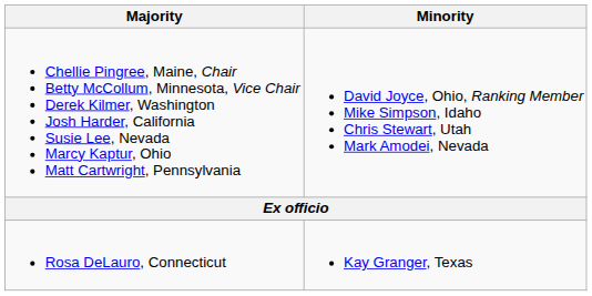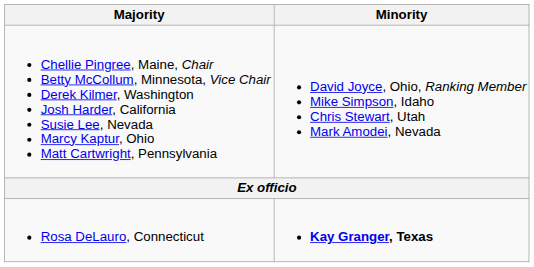 <table class=wikitable>
 <tr>
 <th>Majority</th>
 <th>Minority</th>
 </tr>
 <tr>
 <td><br><ul><li><a href='#'>Chellie Pingree</a>, Maine, <em>Chair</em></li><li><a href='#'>Betty McCollum</a>, Minnesota, <em>Vice Chair</em></li><li><a href='#'>Derek Kilmer</a>, Washington</li><li><a href='#'>Josh Harder</a>, California</li><li><a href='#'>Susie Lee</a>, Nevada</li><li><a href='#'>Marcy Kaptur</a>, Ohio</li><li><a href='#'>Matt Cartwright</a>, Pennsylvania</li></ul></td>
 <td><br><ul><li><a href='#'>David Joyce</a>, Ohio, <em>Ranking Member</em></li><li><a href='#'>Mike Simpson</a>, Idaho</li><li><a href='#'>Chris Stewart</a>, Utah</li><li><a href='#'>Mark Amodei</a>, Nevada</li></ul></td>
 </tr>
 <tr>
 <th colspan=2><em>Ex officio</em></th>
 </tr>
 <tr>
 <td><br><ul><li><a href='#'>Rosa DeLauro</a>, Connecticut</li></ul></td>
-<td><br><ul><li><a href='#'>Kay Granger</a>, Texas</li></ul></td>
+<td><strong><br><ul><li><a href='#'>Kay Granger</a>, Texas</li></ul></strong></td>
 </tr>
 </table>
